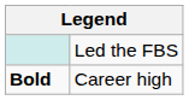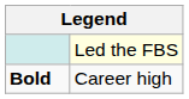 <table class="wikitable mw-collapsible">
 <tr>
 <th colspan="2">Legend</th>
 </tr>
 <tr>
 <td style="background:#cfecec; width:3em;"></td>
-<td>Led the FBS</td>
+<td style="background: lightyellow;">Led the FBS</td>
 </tr>
 <tr>
 <td><strong>Bold</strong></td>
 <td>Career high</td>
 </tr>
 </table>
